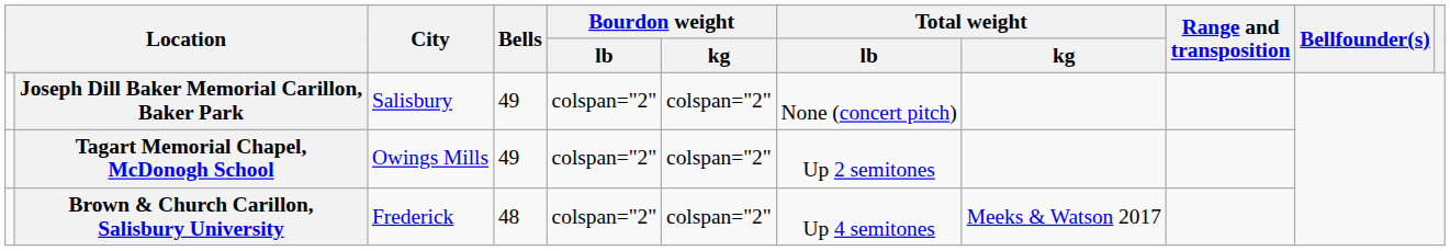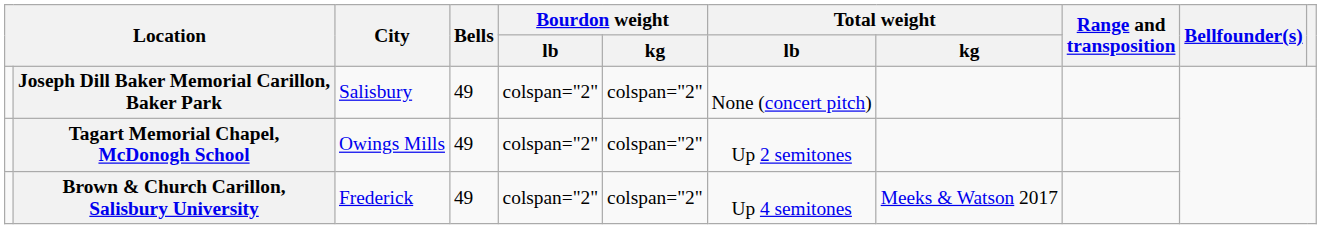 <table class="wikitable sortable plainrowheaders">
 <tr>
 <th scope="col" colspan="2" rowspan="2" class="unsortable">Location</th>
 <th scope="col" rowspan="2">City</th>
 <th scope="col" rowspan="2">Bells</th>
 <th scope="col" colspan="2"><a href='#'>Bourdon</a> weight</th>
 <th scope="col" colspan="2">Total weight</th>
 <th scope="col" rowspan="2" class="unsortable"><a href='#'>Range</a> and<br><a href='#'>transposition</a></th>
 <th scope="col" rowspan="2" class="unsortable"><a href='#'>Bellfounder(s)</a></th>
 <th scope="col" rowspan="2" class="unsortable"></th>
 </tr>
 <tr>
 <th scope="col">lb</th>
 <th scope="col">kg</th>
 <th scope="col">lb</th>
 <th scope="col">kg</th>
 </tr>
 <tr>
 <td></td>
 <th scope="row">Joseph Dill Baker Memorial Carillon,<br>Baker Park</th>
 <td><a href='#'>Salisbury</a></td>
 <td>49</td>
 <td>colspan="2" </td>
 <td>colspan="2" </td>
 <td style="text-align: center"><br>None (<a href='#'>concert pitch</a>)</td>
 <td></td>
 <td></td>
 </tr>
 <tr>
 <td></td>
 <th scope="row">Tagart Memorial Chapel,<br><a href='#'>McDonogh School</a></th>
 <td><a href='#'>Owings Mills</a></td>
 <td>49</td>
 <td>colspan="2" </td>
 <td>colspan="2" </td>
 <td style="text-align: center"><br>Up <a href='#'>2 semitones</a></td>
 <td></td>
 <td></td>
 </tr>
 <tr>
 <td></td>
 <th scope="row">Brown & Church Carillon,<br><a href='#'>Salisbury University</a></th>
 <td><a href='#'>Frederick</a></td>
-<td>48</td>
+<td>49</td>
 <td>colspan="2" </td>
 <td>colspan="2" </td>
 <td style="text-align: center"><br>Up <a href='#'>4 semitones</a></td>
 <td><a href='#'>Meeks & Watson</a> 2017</td>
 <td></td>
 </tr>
 </table>
